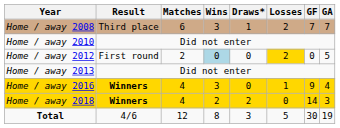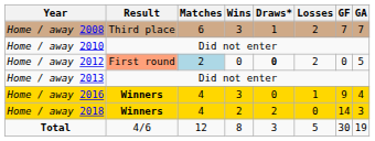 <table class="wikitable" style="text-align: center;">
 <tr>
 <th>Year</th>
 <th>Result</th>
 <th>Matches</th>
 <th>Wins</th>
 <th>Draws*</th>
 <th>Losses</th>
 <th>GF</th>
 <th>GA</th>
 </tr>
 <tr style="background:#cfaa88;">
 <td><em>Home / away</em> <a href='#'>2008</a></td>
 <td>Third place</td>
 <td>6</td>
 <td>3</td>
 <td>1</td>
 <td>2</td>
 <td>7</td>
 <td>7</td>
 </tr>
 <tr>
 <td><em>Home / away</em> <a href='#'>2010</a></td>
 <td colspan=7>Did not enter</td>
 </tr>
 <tr>
 <td><em>Home / away</em> <a href='#'>2012</a></td>
-<td>First round</td>
+<td style="background: lightsalmon;">First round</td>
+<td style="background: lightblue;">2</td>
+<td>0</td>
+<td><strong>0</strong></td>
 <td>2</td>
-<td style="background: lightblue;">0</td>
-<td>0</td>
-<td style="background: gold;">2</td>
 <td>0</td>
 <td>5</td>
 </tr>
 <tr>
 <td><em>Home / away</em> <a href='#'>2013</a></td>
 <td colspan=7>Did not enter</td>
 </tr>
 <tr style="background:gold;">
 <td><em>Home / away</em> <a href='#'>2016</a></td>
 <td><strong>Winners</strong></td>
 <td>4</td>
 <td>3</td>
 <td>0</td>
 <td>1</td>
 <td>9</td>
 <td>4</td>
 </tr>
 <tr style="background:gold;">
 <td><em>Home / away</em> <a href='#'>2018</a></td>
 <td><strong>Winners</strong></td>
 <td>4</td>
 <td>2</td>
 <td>2</td>
 <td>0</td>
 <td>14</td>
 <td>3</td>
 </tr>
 <tr>
 <td><strong>Total</strong></td>
 <td>4/6</td>
 <td>12</td>
 <td>8</td>
 <td>3</td>
 <td>5</td>
 <td>30</td>
 <td>19</td>
 </tr>
 </table>
